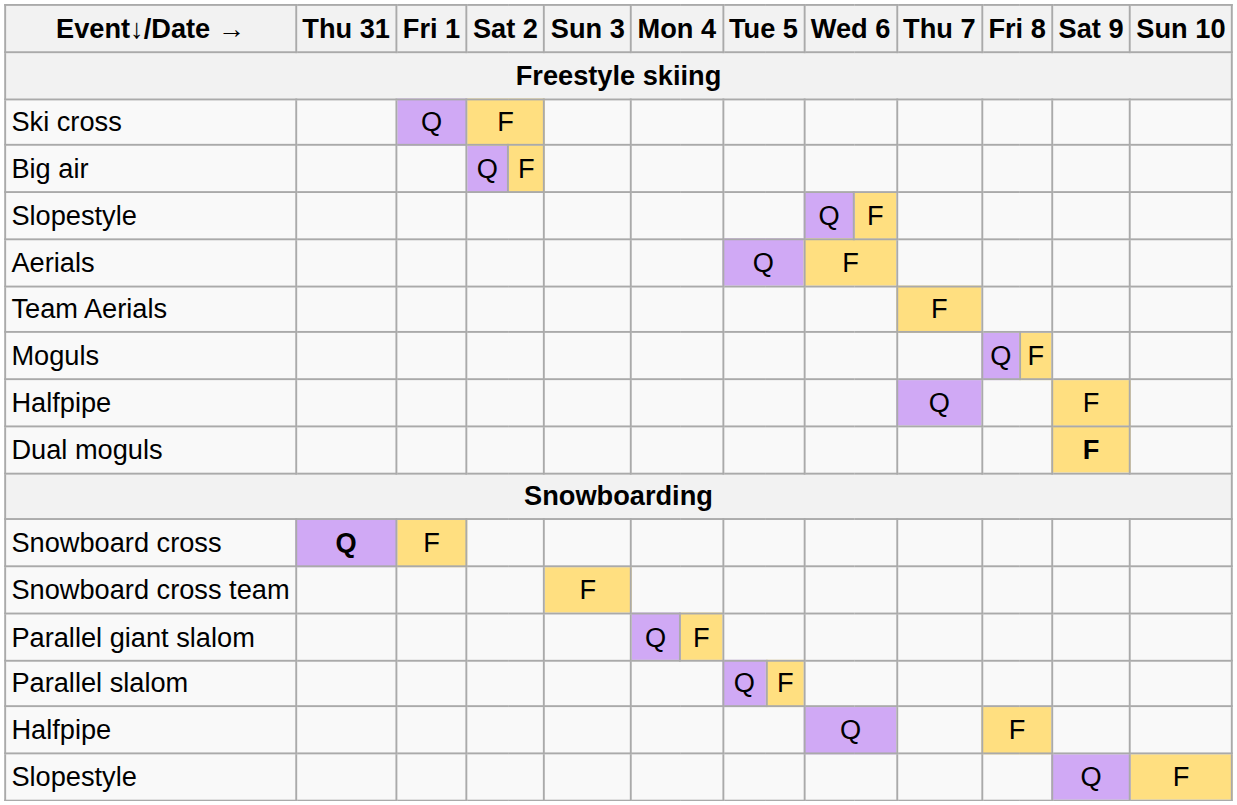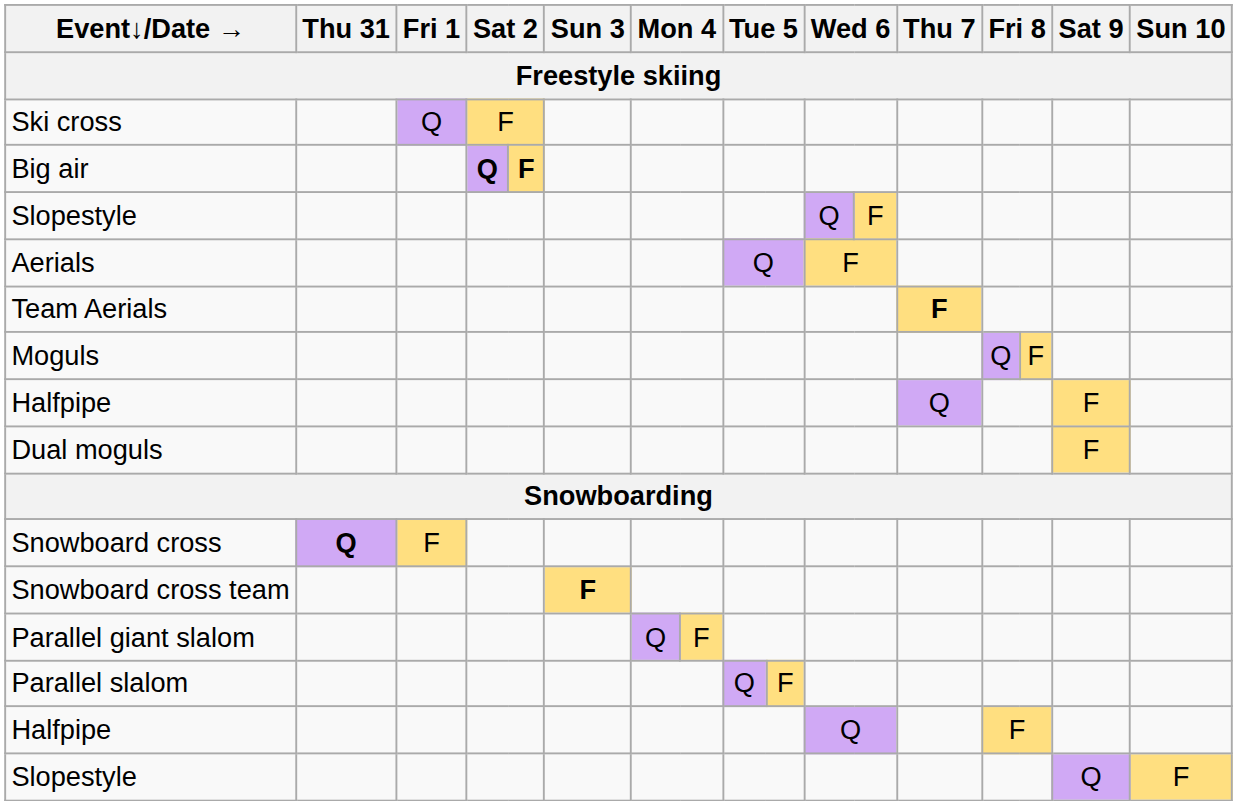 <table class="wikitable" style="margin:0.5em auto; font-size:90%; line-height:1.25em;">
 <tr style="text-align:center;">
 <th>Event↓/Date →</th>
 <th>Thu 31</th>
 <th>Fri 1</th>
 <th colspan=2>Sat 2</th>
 <th>Sun 3</th>
 <th colspan=2>Mon 4</th>
 <th colspan=2>Tue 5</th>
 <th colspan=2>Wed 6</th>
 <th>Thu 7</th>
 <th colspan=2>Fri 8</th>
 <th>Sat 9</th>
 <th>Sun 10</th>
 </tr>
 <tr>
 <th colspan="17">Freestyle skiing</th>
 </tr>
 <tr style="text-align:center;">
 <td style="text-align:left;">Ski cross</td>
 <td></td>
 <td style="background-color:#D0A9F5;">Q</td>
 <td colspan=2 style="background-color:#FFDF80;">F</td>
 <td></td>
 <td colspan=2></td>
 <td colspan=2></td>
 <td colspan=2></td>
 <td></td>
 <td colspan=2></td>
 <td></td>
 <td></td>
 </tr>
 <tr style="text-align:center;">
 <td style="text-align:left;">Big air</td>
 <td></td>
 <td></td>
-<td style="background-color:#D0A9F5;">Q</td>
-<td style="background-color:#FFDF80;">F</td>
+<td style="background-color:#D0A9F5;"><strong>Q</strong></td>
+<td style="background-color:#FFDF80;"><strong>F</strong></td>
 <td></td>
 <td colspan=2></td>
 <td colspan=2></td>
 <td colspan=2></td>
 <td></td>
 <td colspan=2></td>
 <td></td>
 <td></td>
 </tr>
 <tr style="text-align:center;">
 <td style="text-align:left;">Slopestyle</td>
 <td></td>
 <td></td>
 <td colspan=2></td>
 <td></td>
 <td colspan=2></td>
 <td colspan=2></td>
 <td style="background-color:#D0A9F5;">Q</td>
 <td style="background-color:#FFDF80;">F</td>
 <td></td>
 <td colspan=2></td>
 <td></td>
 <td></td>
 </tr>
 <tr style="text-align:center;">
 <td style="text-align:left;">Aerials</td>
 <td></td>
 <td></td>
 <td colspan=2></td>
 <td></td>
 <td colspan=2></td>
 <td colspan=2 style="background-color:#D0A9F5;">Q</td>
 <td colspan=2 style="background-color:#FFDF80;">F</td>
 <td></td>
 <td colspan=2></td>
 <td></td>
 <td></td>
 </tr>
 <tr style="text-align:center;">
 <td style="text-align:left;">Team Aerials</td>
 <td></td>
 <td></td>
 <td colspan=2></td>
 <td></td>
 <td colspan=2></td>
 <td colspan=2></td>
 <td colspan=2></td>
-<td style="background-color:#FFDF80;">F</td>
+<td style="background-color:#FFDF80;"><strong>F</strong></td>
 <td colspan=2></td>
 <td></td>
 <td></td>
 </tr>
 <tr style="text-align:center;">
 <td style="text-align:left;">Moguls</td>
 <td></td>
 <td></td>
 <td colspan=2></td>
 <td></td>
 <td colspan=2></td>
 <td colspan=2></td>
 <td colspan=2></td>
 <td></td>
 <td style="background-color:#D0A9F5;">Q</td>
 <td style="background-color:#FFDF80;">F</td>
 <td></td>
 <td></td>
 </tr>
 <tr style="text-align:center;">
 <td style="text-align:left;">Halfpipe</td>
 <td></td>
 <td></td>
 <td colspan=2></td>
 <td></td>
 <td colspan=2></td>
 <td colspan=2></td>
 <td colspan=2></td>
 <td style="background-color:#D0A9F5;">Q</td>
 <td colspan=2></td>
 <td style="background-color:#FFDF80;">F</td>
 <td></td>
 </tr>
 <tr style="text-align:center;">
 <td style="text-align:left;">Dual moguls</td>
 <td></td>
 <td></td>
 <td colspan=2></td>
 <td></td>
 <td colspan=2></td>
 <td colspan=2></td>
 <td colspan=2></td>
 <td></td>
 <td colspan=2></td>
-<td style="background-color:#FFDF80;"><strong>F</strong></td>
+<td style="background-color:#FFDF80;">F</td>
 <td></td>
 </tr>
 <tr>
 <th colspan="17">Snowboarding</th>
 </tr>
 <tr style="text-align:center;">
 <td style="text-align:left;">Snowboard cross</td>
 <td style="background-color:#D0A9F5;"><strong>Q</strong></td>
 <td style="background-color:#FFDF80;">F</td>
 <td colspan=2></td>
 <td></td>
 <td colspan=2></td>
 <td colspan=2></td>
 <td colspan=2></td>
 <td></td>
 <td colspan=2></td>
 <td></td>
 <td></td>
 </tr>
 <tr style="text-align:center;">
 <td style="text-align:left;">Snowboard cross team</td>
 <td></td>
 <td></td>
 <td colspan=2></td>
-<td style="background-color:#FFDF80;">F</td>
+<td style="background-color:#FFDF80;"><strong>F</strong></td>
 <td colspan=2></td>
 <td colspan=2></td>
 <td colspan=2></td>
 <td></td>
 <td colspan=2></td>
 <td></td>
 <td></td>
 </tr>
 <tr style="text-align:center;">
 <td style="text-align:left;">Parallel giant slalom</td>
 <td></td>
 <td></td>
 <td colspan=2></td>
 <td></td>
 <td style="background-color:#D0A9F5;">Q</td>
 <td style="background-color:#FFDF80;">F</td>
 <td colspan=2></td>
 <td colspan=2></td>
 <td></td>
 <td colspan=2></td>
 <td></td>
 <td></td>
 </tr>
 <tr style="text-align:center;">
 <td style="text-align:left;">Parallel slalom</td>
 <td></td>
 <td></td>
 <td colspan=2></td>
 <td></td>
 <td colspan=2></td>
 <td style="background-color:#D0A9F5;">Q</td>
 <td style="background-color:#FFDF80;">F</td>
 <td colspan=2></td>
 <td></td>
 <td colspan=2></td>
 <td></td>
 <td></td>
 </tr>
 <tr style="text-align:center;">
 <td style="text-align:left;">Halfpipe</td>
 <td></td>
 <td></td>
 <td colspan=2></td>
 <td></td>
 <td colspan=2></td>
 <td colspan=2></td>
 <td colspan=2 style="background-color:#D0A9F5;">Q</td>
 <td></td>
 <td colspan=2 style="background-color:#FFDF80;">F</td>
 <td></td>
 <td></td>
 </tr>
 <tr style="text-align:center;">
 <td style="text-align:left;">Slopestyle</td>
 <td></td>
 <td></td>
 <td colspan=2></td>
 <td></td>
 <td colspan=2></td>
 <td colspan=2></td>
 <td colspan=2></td>
 <td></td>
 <td colspan=2></td>
 <td style="background-color:#D0A9F5;">Q</td>
 <td style="background-color:#FFDF80;">F</td>
 </tr>
 </table>
